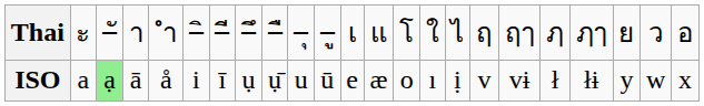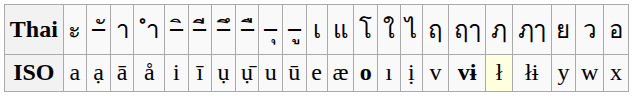 <table class="wikitable" style="font-size:150%; text-align: center">
 <tr>
 <th>Thai</th>
 <td>ะ</td>
 <td>–ั</td>
 <td>า</td>
 <td> ำ</td>
 <td>–ิ</td>
 <td>–ี</td>
 <td>–ึ</td>
 <td>–ื</td>
 <td>–ุ</td>
 <td>–ู</td>
 <td>เ</td>
 <td>แ</td>
 <td>โ</td>
 <td>ใ</td>
 <td>ไ</td>
 <td>ฤ</td>
 <td>ฤๅ</td>
 <td>ฦ</td>
 <td>ฦๅ</td>
 <td>ย</td>
 <td>ว</td>
 <td>อ</td>
 </tr>
 <tr>
 <th>ISO</th>
 <td>a</td>
-<td style="background: lightgreen;">ạ</td>
+<td>ạ</td>
 <td>ā</td>
 <td>å</td>
 <td>i</td>
 <td>ī</td>
 <td>ụ</td>
 <td>ụ̄</td>
 <td>u</td>
 <td>ū</td>
 <td>e</td>
 <td>æ</td>
-<td>o</td>
+<td><strong>o</strong></td>
 <td>ı</td>
 <td>ị</td>
 <td>v</td>
-<td>vɨ</td>
-<td>ł</td>
+<td><strong>vɨ</strong></td>
+<td style="background: lightyellow;">ł</td>
 <td>łɨ</td>
 <td>y</td>
 <td>w</td>
 <td>x</td>
 </tr>
 <tr>
 </tr>
 </table>
